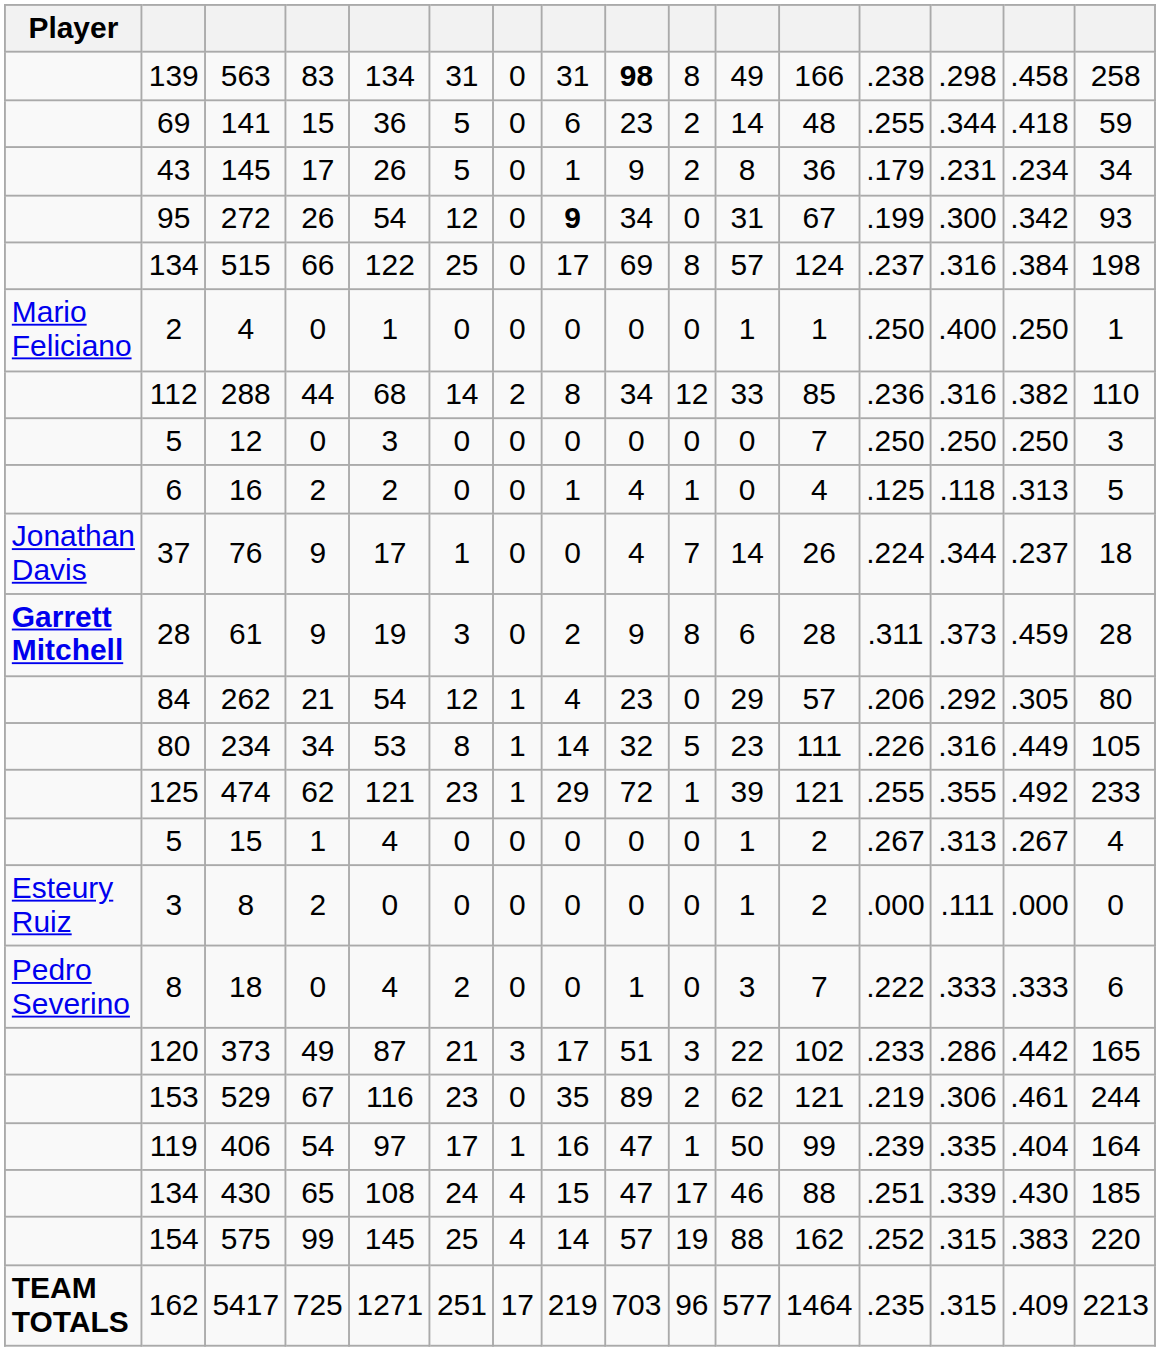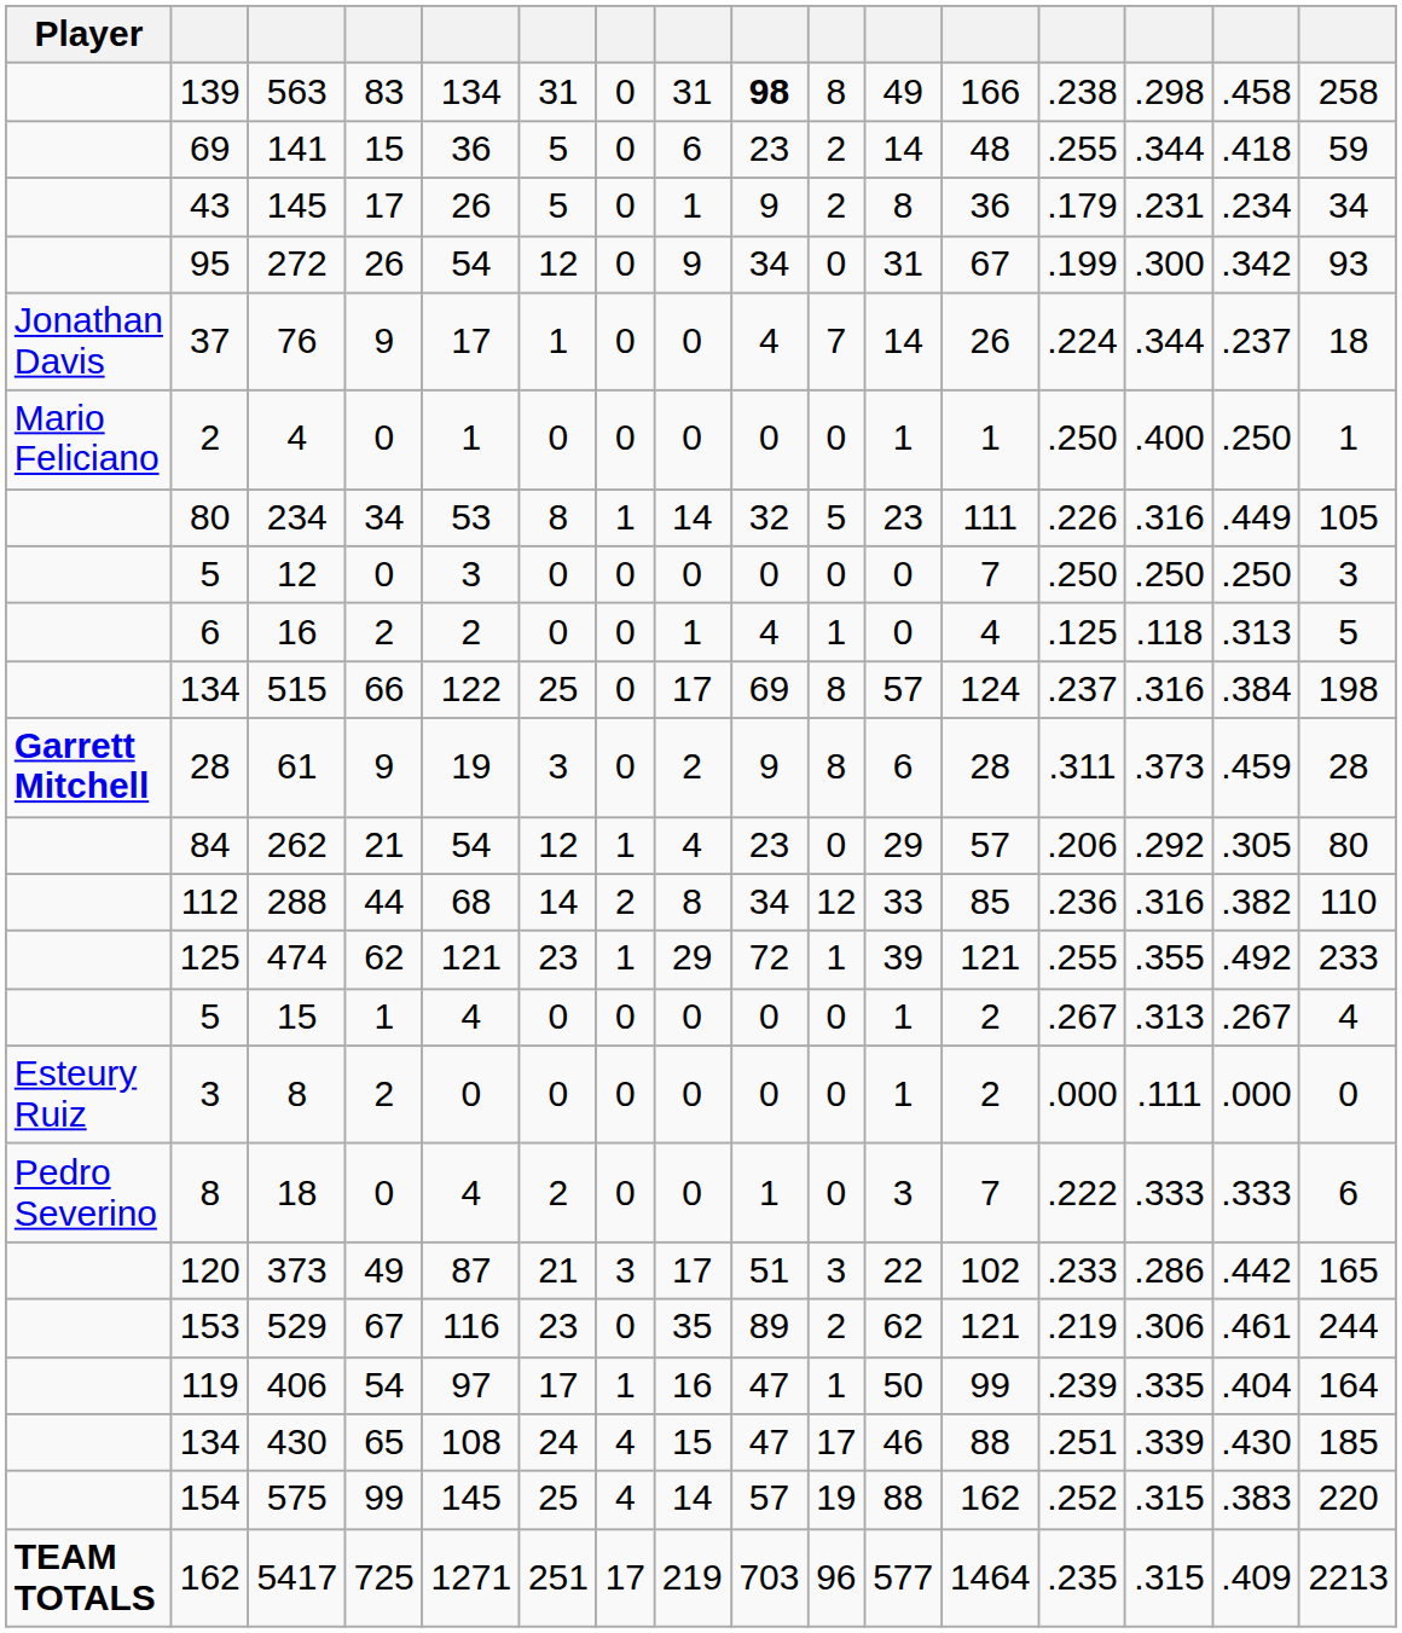 <table class="wikitable sortable" style="text-align:center;">
 <tr>
 <th>Player</th>
 <th></th>
 <th></th>
 <th></th>
 <th></th>
 <th></th>
 <th></th>
 <th></th>
 <th></th>
 <th></th>
 <th></th>
 <th></th>
 <th></th>
 <th></th>
 <th></th>
 <th></th>
 </tr>
 <tr>
 <td align=left><strong></strong></td>
 <td>139</td>
 <td>563</td>
 <td>83</td>
 <td>134</td>
 <td>31</td>
 <td>0</td>
 <td>31</td>
 <td><strong>98</strong></td>
 <td>8</td>
 <td>49</td>
 <td>166</td>
 <td>.238</td>
 <td>.298</td>
 <td>.458</td>
 <td>258</td>
 </tr>
 <tr>
 <td align=left></td>
 <td>69</td>
 <td>141</td>
 <td>15</td>
 <td>36</td>
 <td>5</td>
 <td>0</td>
 <td>6</td>
 <td>23</td>
 <td>2</td>
 <td>14</td>
 <td>48</td>
 <td>.255</td>
 <td>.344</td>
 <td>.418</td>
 <td>59</td>
 </tr>
 <tr>
 <td align=left></td>
 <td>43</td>
 <td>145</td>
 <td>17</td>
 <td>26</td>
 <td>5</td>
 <td>0</td>
 <td>1</td>
 <td>9</td>
 <td>2</td>
 <td>8</td>
 <td>36</td>
 <td>.179</td>
 <td>.231</td>
 <td>.234</td>
 <td>34</td>
 </tr>
 <tr>
 <td align=left></td>
 <td>95</td>
 <td>272</td>
 <td>26</td>
 <td>54</td>
 <td>12</td>
 <td>0</td>
-<td><strong>9</strong></td>
+<td>9</td>
 <td>34</td>
 <td>0</td>
 <td>31</td>
 <td>67</td>
 <td>.199</td>
 <td>.300</td>
 <td>.342</td>
 <td>93</td>
 </tr>
 <tr>
-<td align=left><strong></strong></td>
-<td>134</td>
-<td>515</td>
-<td>66</td>
-<td>122</td>
-<td>25</td>
+<td align=left><a href='#'>Jonathan Davis</a></td>
+<td>37</td>
+<td>76</td>
+<td>9</td>
+<td>17</td>
+<td>1</td>
 <td>0</td>
-<td>17</td>
-<td>69</td>
-<td>8</td>
-<td>57</td>
-<td>124</td>
+<td>0</td>
+<td>4</td>
+<td>7</td>
+<td>14</td>
+<td>26</td>
+<td>.224</td>
+<td>.344</td>
 <td>.237</td>
-<td>.316</td>
-<td>.384</td>
-<td>198</td>
+<td>18</td>
 </tr>
 <tr>
 <td align=left><a href='#'>Mario Feliciano</a></td>
 <td>2</td>
 <td>4</td>
 <td>0</td>
 <td>1</td>
 <td>0</td>
 <td>0</td>
 <td>0</td>
 <td>0</td>
 <td>0</td>
 <td>1</td>
 <td>1</td>
 <td>.250</td>
 <td>.400</td>
 <td>.250</td>
 <td>1</td>
 </tr>
 <tr>
 <td align=left></td>
-<td>112</td>
-<td>288</td>
-<td>44</td>
-<td>68</td>
+<td>80</td>
+<td>234</td>
+<td>34</td>
+<td>53</td>
+<td>8</td>
+<td>1</td>
 <td>14</td>
-<td>2</td>
-<td>8</td>
-<td>34</td>
-<td>12</td>
-<td>33</td>
-<td>85</td>
-<td>.236</td>
+<td>32</td>
+<td>5</td>
+<td>23</td>
+<td>111</td>
+<td>.226</td>
 <td>.316</td>
-<td>.382</td>
-<td>110</td>
+<td>.449</td>
+<td>105</td>
 </tr>
 <tr>
 <td align=left></td>
 <td>5</td>
 <td>12</td>
 <td>0</td>
 <td>3</td>
 <td>0</td>
 <td>0</td>
 <td>0</td>
 <td>0</td>
 <td>0</td>
 <td>0</td>
 <td>7</td>
 <td>.250</td>
 <td>.250</td>
 <td>.250</td>
 <td>3</td>
 </tr>
 <tr>
 <td align=left></td>
 <td>6</td>
 <td>16</td>
 <td>2</td>
 <td>2</td>
 <td>0</td>
 <td>0</td>
 <td>1</td>
 <td>4</td>
 <td>1</td>
 <td>0</td>
 <td>4</td>
 <td>.125</td>
 <td>.118</td>
 <td>.313</td>
 <td>5</td>
 </tr>
 <tr>
-<td align=left><a href='#'>Jonathan Davis</a></td>
-<td>37</td>
-<td>76</td>
-<td>9</td>
+<td align=left><strong></strong></td>
+<td>134</td>
+<td>515</td>
+<td>66</td>
+<td>122</td>
+<td>25</td>
+<td>0</td>
 <td>17</td>
-<td>1</td>
-<td>0</td>
-<td>0</td>
-<td>4</td>
-<td>7</td>
-<td>14</td>
-<td>26</td>
-<td>.224</td>
-<td>.344</td>
+<td>69</td>
+<td>8</td>
+<td>57</td>
+<td>124</td>
 <td>.237</td>
-<td>18</td>
+<td>.316</td>
+<td>.384</td>
+<td>198</td>
 </tr>
 <tr>
 <td align=left><strong><a href='#'>Garrett Mitchell</a></strong></td>
 <td>28</td>
 <td>61</td>
 <td>9</td>
 <td>19</td>
 <td>3</td>
 <td>0</td>
 <td>2</td>
 <td>9</td>
 <td>8</td>
 <td>6</td>
 <td>28</td>
 <td>.311</td>
 <td>.373</td>
 <td>.459</td>
 <td>28</td>
 </tr>
 <tr>
 <td align=left></td>
 <td>84</td>
 <td>262</td>
 <td>21</td>
 <td>54</td>
 <td>12</td>
 <td>1</td>
 <td>4</td>
 <td>23</td>
 <td>0</td>
 <td>29</td>
 <td>57</td>
 <td>.206</td>
 <td>.292</td>
 <td>.305</td>
 <td>80</td>
 </tr>
 <tr>
 <td align=left></td>
-<td>80</td>
-<td>234</td>
+<td>112</td>
+<td>288</td>
+<td>44</td>
+<td>68</td>
+<td>14</td>
+<td>2</td>
+<td>8</td>
 <td>34</td>
-<td>53</td>
-<td>8</td>
-<td>1</td>
-<td>14</td>
-<td>32</td>
-<td>5</td>
-<td>23</td>
-<td>111</td>
-<td>.226</td>
+<td>12</td>
+<td>33</td>
+<td>85</td>
+<td>.236</td>
 <td>.316</td>
-<td>.449</td>
-<td>105</td>
+<td>.382</td>
+<td>110</td>
 </tr>
 <tr>
 <td align=left><strong></strong></td>
 <td>125</td>
 <td>474</td>
 <td>62</td>
 <td>121</td>
 <td>23</td>
 <td>1</td>
 <td>29</td>
 <td>72</td>
 <td>1</td>
 <td>39</td>
 <td>121</td>
 <td>.255</td>
 <td>.355</td>
 <td>.492</td>
 <td>233</td>
 </tr>
 <tr>
 <td align=left></td>
 <td>5</td>
 <td>15</td>
 <td>1</td>
 <td>4</td>
 <td>0</td>
 <td>0</td>
 <td>0</td>
 <td>0</td>
 <td>0</td>
 <td>1</td>
 <td>2</td>
 <td>.267</td>
 <td>.313</td>
 <td>.267</td>
 <td>4</td>
 </tr>
 <tr>
 <td align=left><a href='#'>Esteury Ruiz</a></td>
 <td>3</td>
 <td>8</td>
 <td>2</td>
 <td>0</td>
 <td>0</td>
 <td>0</td>
 <td>0</td>
 <td>0</td>
 <td>0</td>
 <td>1</td>
 <td>2</td>
 <td>.000</td>
 <td>.111</td>
 <td>.000</td>
 <td>0</td>
 </tr>
 <tr>
 <td align=left><a href='#'>Pedro Severino</a></td>
 <td>8</td>
 <td>18</td>
 <td>0</td>
 <td>4</td>
 <td>2</td>
 <td>0</td>
 <td>0</td>
 <td>1</td>
 <td>0</td>
 <td>3</td>
 <td>7</td>
 <td>.222</td>
 <td>.333</td>
 <td>.333</td>
 <td>6</td>
 </tr>
 <tr>
 <td align=left></td>
 <td>120</td>
 <td>373</td>
 <td>49</td>
 <td>87</td>
 <td>21</td>
 <td>3</td>
 <td>17</td>
 <td>51</td>
 <td>3</td>
 <td>22</td>
 <td>102</td>
 <td>.233</td>
 <td>.286</td>
 <td>.442</td>
 <td>165</td>
 </tr>
 <tr>
 <td align=left><strong></strong></td>
 <td>153</td>
 <td>529</td>
 <td>67</td>
 <td>116</td>
 <td>23</td>
 <td>0</td>
 <td>35</td>
 <td>89</td>
 <td>2</td>
 <td>62</td>
 <td>121</td>
 <td>.219</td>
 <td>.306</td>
 <td>.461</td>
 <td>244</td>
 </tr>
 <tr>
 <td align=left></td>
 <td>119</td>
 <td>406</td>
 <td>54</td>
 <td>97</td>
 <td>17</td>
 <td>1</td>
 <td>16</td>
 <td>47</td>
 <td>1</td>
 <td>50</td>
 <td>99</td>
 <td>.239</td>
 <td>.335</td>
 <td>.404</td>
 <td>164</td>
 </tr>
 <tr>
 <td align=left></td>
 <td>134</td>
 <td>430</td>
 <td>65</td>
 <td>108</td>
 <td>24</td>
 <td>4</td>
 <td>15</td>
 <td>47</td>
 <td>17</td>
 <td>46</td>
 <td>88</td>
 <td>.251</td>
 <td>.339</td>
 <td>.430</td>
 <td>185</td>
 </tr>
 <tr>
 <td align=left><strong></strong></td>
 <td>154</td>
 <td>575</td>
 <td>99</td>
 <td>145</td>
 <td>25</td>
 <td>4</td>
 <td>14</td>
 <td>57</td>
 <td>19</td>
 <td>88</td>
 <td>162</td>
 <td>.252</td>
 <td>.315</td>
 <td>.383</td>
 <td>220</td>
 </tr>
 <tr class="sortbottom">
 <td align="left"><strong>TEAM TOTALS</strong></td>
 <td>162</td>
 <td>5417</td>
 <td>725</td>
 <td>1271</td>
 <td>251</td>
 <td>17</td>
 <td>219</td>
 <td>703</td>
 <td>96</td>
 <td>577</td>
 <td>1464</td>
 <td>.235</td>
 <td>.315</td>
 <td>.409</td>
 <td>2213</td>
 </tr>
 </table>
